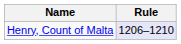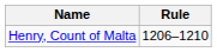 <table class="wikitable">
 <tr>
 <th>Name</th>
 <th>Rule</th>
 </tr>
 <tr>
 <td><a href='#'>Henry, Count of Malta</a></td>
-<td style="background: lavender;">1206–1210</td>
+<td>1206–1210</td>
 </tr>
 </table>
